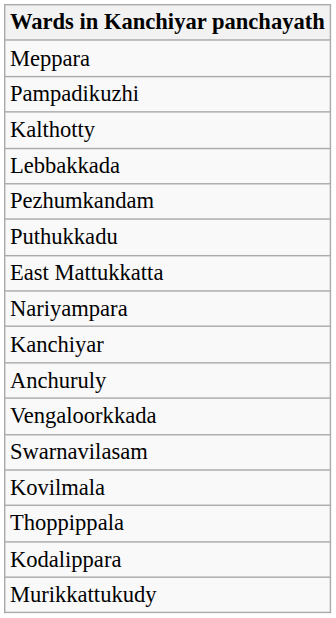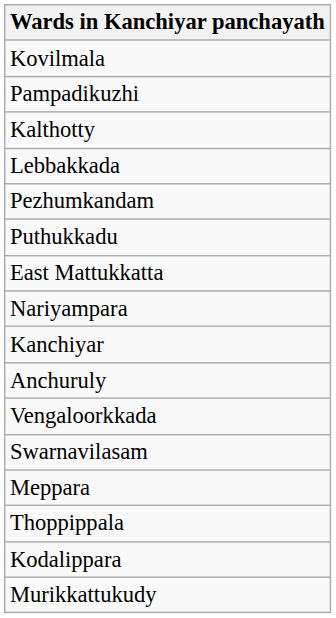 <table class="wikitable">
 <tr>
 <th>Wards in Kanchiyar panchayath</th>
 </tr>
 <tr>
-<td>Meppara</td>
+<td>Kovilmala</td>
 </tr>
 <tr>
 <td>Pampadikuzhi</td>
 </tr>
 <tr>
 <td>Kalthotty</td>
 </tr>
 <tr>
 <td>Lebbakkada</td>
 </tr>
 <tr>
 <td>Pezhumkandam</td>
 </tr>
 <tr>
 <td>Puthukkadu</td>
 </tr>
 <tr>
 <td>East Mattukkatta</td>
 </tr>
 <tr>
 <td>Nariyampara</td>
 </tr>
 <tr>
 <td>Kanchiyar</td>
 </tr>
 <tr>
 <td>Anchuruly</td>
 </tr>
 <tr>
 <td>Vengaloorkkada</td>
 </tr>
 <tr>
 <td>Swarnavilasam</td>
 </tr>
 <tr>
-<td>Kovilmala</td>
+<td>Meppara</td>
 </tr>
 <tr>
 <td>Thoppippala</td>
 </tr>
 <tr>
 <td>Kodalippara</td>
 </tr>
 <tr>
 <td>Murikkattukudy</td>
 </tr>
 </table>
